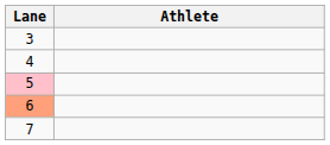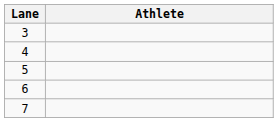 <table class="wikitable sortable" style="text-align:center">
 <tr>
 <th width=40>Lane</th>
 <th width=250>Athlete</th>
 </tr>
 <tr>
 <td>3</td>
 <td align=left></td>
 </tr>
 <tr>
 <td>4</td>
 <td align=left></td>
 </tr>
 <tr>
-<td style="background: pink;">5</td>
+<td>5</td>
 <td align=left></td>
 </tr>
 <tr>
-<td style="background: lightsalmon;">6</td>
+<td>6</td>
 <td align=left></td>
 </tr>
 <tr>
 <td>7</td>
 <td align=left></td>
 </tr>
 </table>
